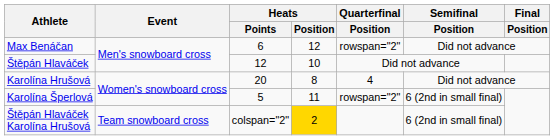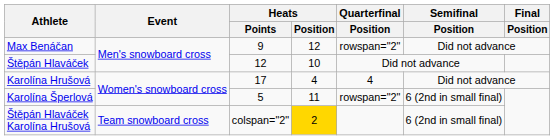 <table class="wikitable" style="font-size:90%">
 <tr>
 <th rowspan="2">Athlete</th>
 <th rowspan="2">Event</th>
 <th colspan="2">Heats</th>
 <th>Quarterfinal</th>
 <th>Semifinal</th>
 <th>Final</th>
 </tr>
 <tr style="font-size:95%">
 <th>Points</th>
 <th>Position</th>
 <th>Position</th>
 <th>Position</th>
 <th>Position</th>
 </tr>
 <tr align=center>
 <td align=left><a href='#'>Max Benáčan</a></td>
 <td align=left rowspan=2><a href='#'>Men's snowboard cross</a></td>
-<td>6</td>
+<td>9</td>
 <td>12</td>
 <td>rowspan="2" </td>
 <td colspan="2">Did not advance</td>
 </tr>
 <tr align=center>
 <td align=left><a href='#'>Štěpán Hlaváček</a></td>
 <td>12</td>
 <td>10</td>
 <td colspan="2">Did not advance</td>
 </tr>
 <tr align=center>
 <td align=left><a href='#'>Karolína Hrušová</a></td>
 <td align=left rowspan=2><a href='#'>Women's snowboard cross</a></td>
-<td>20</td>
-<td>8</td>
+<td>17</td>
+<td>4</td>
 <td>4</td>
 <td colspan="2">Did not advance</td>
 </tr>
 <tr align=center>
 <td align=left><a href='#'>Karolína Šperlová</a></td>
 <td>5</td>
 <td>11</td>
 <td>rowspan="2" </td>
 <td>6 (2nd in small final)</td>
 </tr>
 <tr align=center>
 <td align=left><a href='#'>Štěpán Hlaváček</a><br><a href='#'>Karolína Hrušová</a></td>
 <td align=left><a href='#'>Team snowboard cross</a></td>
 <td>colspan="2" </td>
 <td style="background: gold;">2</td>
 <td></td>
 <td>6 (2nd in small final)</td>
 </tr>
 </table>
